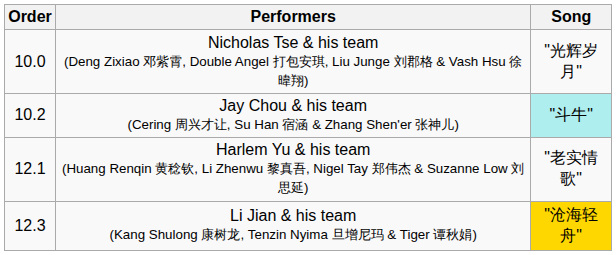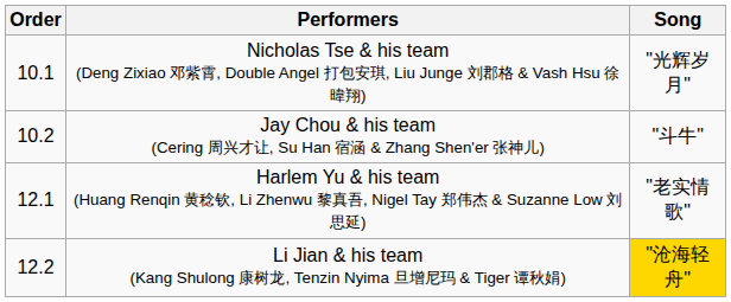 <table class="wikitable" style="text-align:center;">
 <tr>
 <th>Order</th>
 <th>Performers</th>
 <th>Song</th>
 </tr>
 <tr>
-<td>10.0</td>
+<td>10.1</td>
 <td>Nicholas Tse & his team <br><small>(Deng Zixiao 邓紫霄, Double Angel 打包安琪, Liu Junge 刘郡格 & Vash Hsu 徐暐翔)</small></td>
 <td>"光辉岁月"</td>
 </tr>
 <tr>
 <td>10.2</td>
 <td>Jay Chou & his team <br><small>(Cering 周兴才让, Su Han 宿涵 & Zhang Shen'er 张神儿)</small></td>
-<td style="background: paleturquoise;">"斗牛"</td>
+<td>"斗牛"</td>
 </tr>
 <tr>
 <td>12.1</td>
 <td>Harlem Yu & his team <br><small>(Huang Renqin 黄稔钦, Li Zhenwu 黎真吾, Nigel Tay 郑伟杰 & Suzanne Low 刘思延)</small></td>
 <td>"老实情歌"</td>
 </tr>
 <tr>
-<td>12.3</td>
+<td>12.2</td>
 <td>Li Jian & his team <br><small>(Kang Shulong 康树龙, Tenzin Nyima 旦增尼玛 & Tiger 谭秋娟)</small></td>
 <td style="background: gold;">"沧海轻舟"</td>
 </tr>
 <tr>
 </tr>
 </table>
